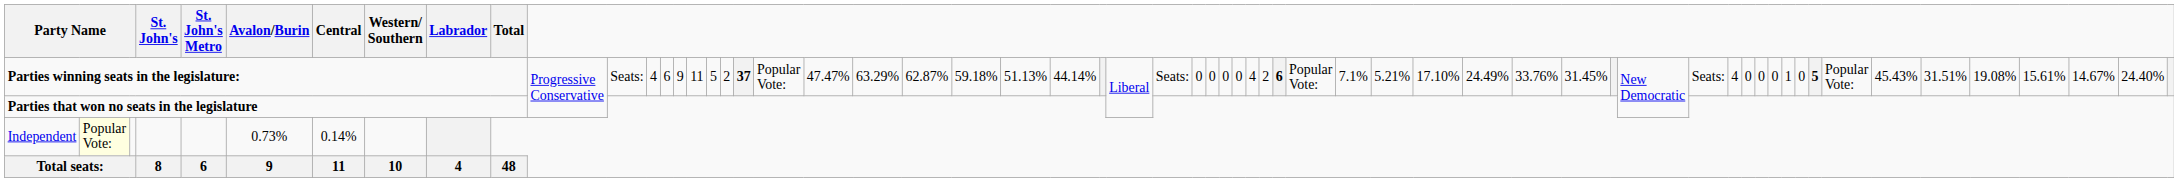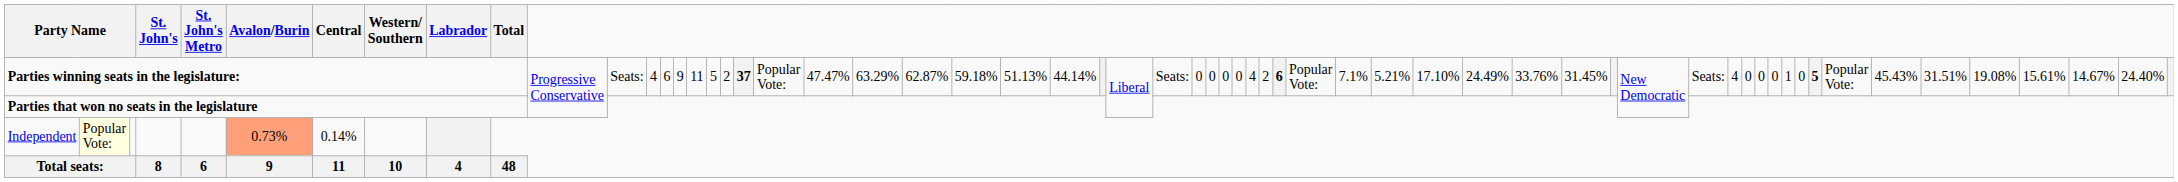 <table class="wikitable">
 <tr>
 <th style="text-align:center;" colspan="3">Party Name</th>
 <th style="text-align:center;"><a href='#'>St. John's</a></th>
 <th style="text-align:center;"><a href='#'>St. John's Metro</a></th>
 <th style="text-align:center;"><a href='#'>Avalon</a>/<a href='#'>Burin</a></th>
 <th style="text-align:center;">Central</th>
 <th style="text-align:center;">Western/<br>Southern</th>
 <th style="text-align:center;"><a href='#'>Labrador</a></th>
 <th style="text-align:center;">Total</th>
 </tr>
 <tr>
 <td colspan=10><strong>Parties winning seats in the legislature:</strong><br></td>
 <td rowspan="2"><a href='#'>Progressive Conservative</a></td>
 <td>Seats:</td>
 <td style="text-align:center;">4</td>
 <td style="text-align:center;">6</td>
 <td style="text-align:center;">9</td>
 <td style="text-align:center;">11</td>
 <td style="text-align:center;">5</td>
 <td style="text-align:center;">2</td>
 <th style="text-align:center;">37<br></th>
 <td>Popular Vote:</td>
 <td style="text-align:center;">47.47%</td>
 <td style="text-align:center;">63.29%</td>
 <td style="text-align:center;">62.87%</td>
 <td style="text-align:center;">59.18%</td>
 <td style="text-align:center;">51.13%</td>
 <td style="text-align:center;">44.14%</td>
 <th style="text-align:center;"><br></th>
 <td rowspan="2"><a href='#'>Liberal</a></td>
 <td>Seats:</td>
 <td style="text-align:center;">0</td>
 <td style="text-align:center;">0</td>
 <td style="text-align:center;">0</td>
 <td style="text-align:center;">0</td>
 <td style="text-align:center;">4</td>
 <td style="text-align:center;">2</td>
 <th style="text-align:center;">6<br></th>
 <td>Popular Vote:</td>
 <td style="text-align:center;">7.1%</td>
 <td style="text-align:center;">5.21%</td>
 <td style="text-align:center;">17.10%</td>
 <td style="text-align:center;">24.49%</td>
 <td style="text-align:center;">33.76%</td>
 <td style="text-align:center;">31.45%</td>
 <th style="text-align:center;"><br></th>
 <td rowspan="2"><a href='#'>New Democratic</a></td>
 <td>Seats:</td>
 <td style="text-align:center;">4</td>
 <td style="text-align:center;">0</td>
 <td style="text-align:center;">0</td>
 <td style="text-align:center;">0</td>
 <td style="text-align:center;">1</td>
 <td style="text-align:center;">0</td>
 <th style="text-align:center;">5<br></th>
 <td>Popular Vote:</td>
 <td style="text-align:center;">45.43%</td>
 <td style="text-align:center;">31.51%</td>
 <td style="text-align:center;">19.08%</td>
 <td style="text-align:center;">15.61%</td>
 <td style="text-align:center;">14.67%</td>
 <td style="text-align:center;">24.40%</td>
 <th style="text-align:center;"></th>
 </tr>
 <tr>
 <td colspan="10"><strong>Parties that won no seats in the legislature</strong></td>
 </tr>
 <tr>
 <td><a href='#'>Independent</a></td>
 <td style="background: lightyellow;">Popular Vote:</td>
 <td style="text-align:center;"></td>
 <td style="text-align:center;"></td>
 <td style="text-align:center;"></td>
-<td style="text-align:center;">0.73%</td>
+<td style="background: lightsalmon; text-align:center;">0.73%</td>
 <td style="text-align:center;">0.14%</td>
 <td style="text-align:center;"></td>
 <th style="text-align:center;"></th>
 </tr>
 <tr>
 <th colspan=3>Total seats:</th>
 <th style="text-align:center;">8</th>
 <th style="text-align:center;">6</th>
 <th style="text-align:center;">9</th>
 <th style="text-align:center;">11</th>
 <th style="text-align:center;">10</th>
 <th style="text-align:center;">4</th>
 <th style="text-align:center;">48</th>
 </tr>
 </table>
